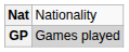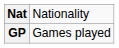 <table class="wikitable">
 <tr>
 <th>Nat</th>
 <td>Nationality</td>
 </tr>
 <tr>
 <th>GP</th>
-<td style="background: lightgrey;">Games played</td>
+<td>Games played</td>
 </tr>
 </table>
